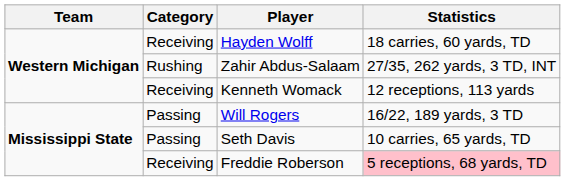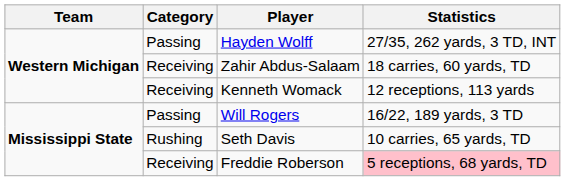 <table class="wikitable" style="float: right;">
 <tr>
 <th>Team</th>
 <th>Category</th>
 <th>Player</th>
 <th>Statistics</th>
 </tr>
 <tr>
 <td rowspan=3><strong>Western Michigan</strong></td>
-<td>Receiving</td>
+<td>Passing</td>
 <td><a href='#'>Hayden Wolff</a></td>
-<td>18 carries, 60 yards, TD</td>
+<td>27/35, 262 yards, 3 TD, INT</td>
 </tr>
 <tr>
-<td>Rushing</td>
+<td>Receiving</td>
 <td>Zahir Abdus-Salaam</td>
-<td>27/35, 262 yards, 3 TD, INT</td>
+<td>18 carries, 60 yards, TD</td>
 </tr>
 <tr>
 <td>Receiving</td>
 <td>Kenneth Womack</td>
 <td>12 receptions, 113 yards</td>
 </tr>
 <tr>
 <td rowspan=3><strong>Mississippi State</strong></td>
 <td>Passing</td>
 <td><a href='#'>Will Rogers</a></td>
 <td>16/22, 189 yards, 3 TD</td>
 </tr>
 <tr>
-<td>Passing</td>
+<td>Rushing</td>
 <td>Seth Davis</td>
 <td>10 carries, 65 yards, TD</td>
 </tr>
 <tr>
 <td>Receiving</td>
 <td>Freddie Roberson</td>
 <td style="background: pink;">5 receptions, 68 yards, TD</td>
 </tr>
 </table>
